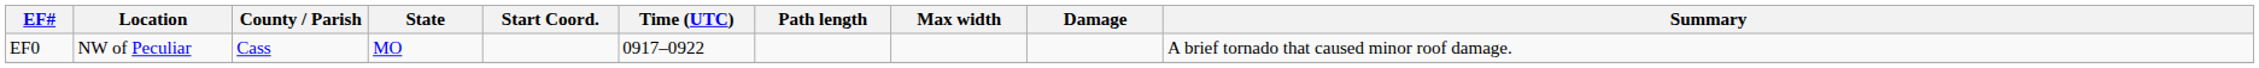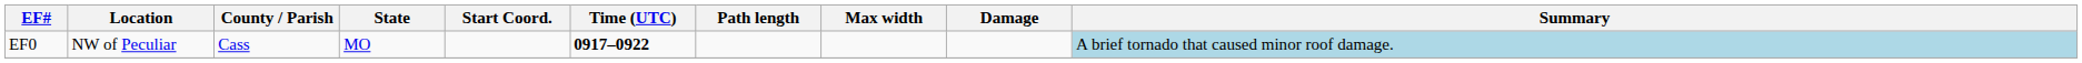 <table class="wikitable sortable" style="width:100%;">
 <tr>
 <th scope="col" width="3%" align="center"><a href='#'>EF#</a></th>
 <th scope="col" width="7%" align="center" class="unsortable">Location</th>
 <th scope="col" width="6%" align="center" class="unsortable">County / Parish</th>
 <th scope="col" width="5%" align="center">State</th>
 <th scope="col" width="6%" align="center">Start Coord.</th>
 <th scope="col" width="6%" align="center">Time (<a href='#'>UTC</a>)</th>
 <th scope="col" width="6%" align="center">Path length</th>
 <th scope="col" width="6%" align="center">Max width</th>
 <th scope="col" width="6%" align="center">Damage</th>
 <th scope="col" width="48%" class="unsortable" align="center">Summary</th>
 </tr>
 <tr>
 <td>EF0</td>
 <td>NW of <a href='#'>Peculiar</a></td>
 <td><a href='#'>Cass</a></td>
 <td><a href='#'>MO</a></td>
 <td></td>
-<td>0917–0922</td>
+<td><strong>0917–0922</strong></td>
 <td></td>
 <td></td>
 <td></td>
-<td>A brief tornado that caused minor roof damage.</td>
+<td style="background: lightblue;">A brief tornado that caused minor roof damage.</td>
 </tr>
 <tr>
 </tr>
 </table>
